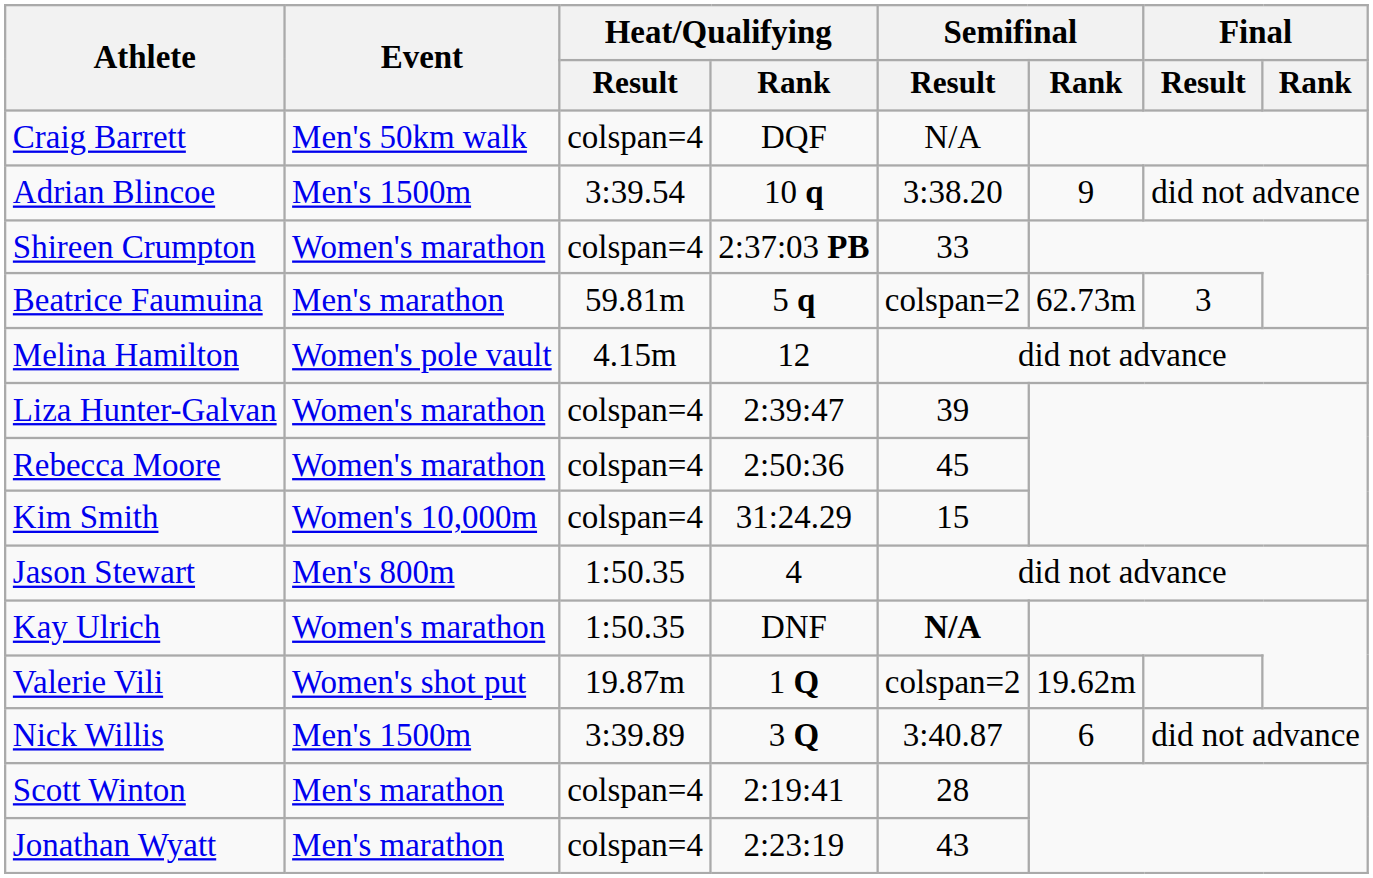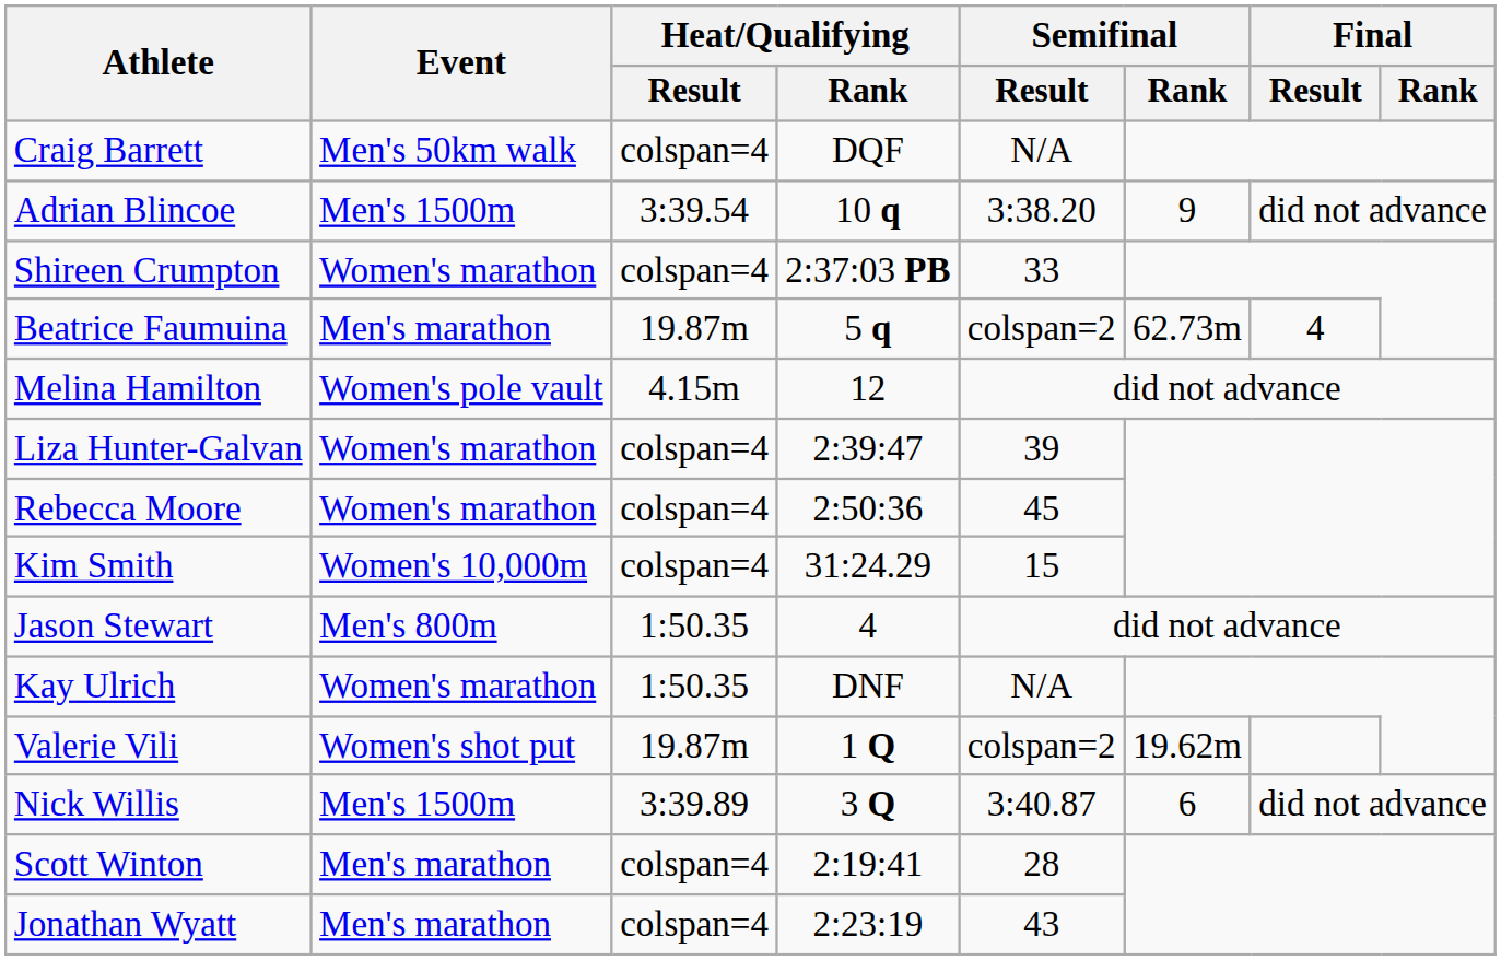 <table class=wikitable style=font-size:90%;text-align:center>
 <tr>
 <th rowspan=2>Athlete</th>
 <th rowspan=2>Event</th>
 <th colspan=2>Heat/Qualifying</th>
 <th colspan=2>Semifinal</th>
 <th colspan=2>Final</th>
 </tr>
 <tr style=font-size:95%>
 <th>Result</th>
 <th>Rank</th>
 <th>Result</th>
 <th>Rank</th>
 <th>Result</th>
 <th>Rank</th>
 </tr>
 <tr>
 <td align=left><a href='#'>Craig Barrett</a></td>
 <td align=left><a href='#'>Men's 50km walk</a></td>
 <td>colspan=4 </td>
 <td>DQF</td>
 <td>N/A</td>
 </tr>
 <tr>
 <td align=left><a href='#'>Adrian Blincoe</a></td>
 <td align=left><a href='#'>Men's 1500m</a></td>
 <td>3:39.54</td>
 <td>10 <strong>q</strong></td>
 <td>3:38.20</td>
 <td>9</td>
 <td colspan=2>did not advance</td>
 </tr>
 <tr>
 <td align=left><a href='#'>Shireen Crumpton</a></td>
 <td align=left><a href='#'>Women's marathon</a></td>
 <td>colspan=4 </td>
 <td>2:37:03 <strong>PB</strong></td>
 <td>33</td>
 </tr>
 <tr>
 <td align=left><a href='#'>Beatrice Faumuina</a></td>
 <td align=left><a href='#'>Men's marathon</a></td>
-<td>59.81m</td>
+<td>19.87m</td>
 <td>5 <strong>q</strong></td>
 <td>colspan=2 </td>
 <td>62.73m</td>
-<td>3</td>
+<td>4</td>
 </tr>
 <tr>
 <td align=left><a href='#'>Melina Hamilton</a></td>
 <td align=left><a href='#'>Women's pole vault</a></td>
 <td>4.15m</td>
 <td>12</td>
 <td colspan=4>did not advance</td>
 </tr>
 <tr>
 <td align=left><a href='#'>Liza Hunter-Galvan</a></td>
 <td align=left><a href='#'>Women's marathon</a></td>
 <td>colspan=4 </td>
 <td>2:39:47</td>
 <td>39</td>
 </tr>
 <tr>
 <td align=left><a href='#'>Rebecca Moore</a></td>
 <td align=left><a href='#'>Women's marathon</a></td>
 <td>colspan=4 </td>
 <td>2:50:36</td>
 <td>45</td>
 </tr>
 <tr>
 <td align=left><a href='#'>Kim Smith</a></td>
 <td align=left><a href='#'>Women's 10,000m</a></td>
 <td>colspan=4 </td>
 <td>31:24.29</td>
 <td>15</td>
 </tr>
 <tr>
 <td align=left><a href='#'>Jason Stewart</a></td>
 <td align=left><a href='#'>Men's 800m</a></td>
 <td>1:50.35</td>
 <td>4</td>
 <td colspan=4>did not advance</td>
 </tr>
 <tr>
 <td align=left><a href='#'>Kay Ulrich</a></td>
 <td align=left><a href='#'>Women's marathon</a></td>
 <td>1:50.35</td>
 <td>DNF</td>
-<td><strong>N/A</strong></td>
+<td>N/A</td>
 </tr>
 <tr>
 <td align=left><a href='#'>Valerie Vili</a></td>
 <td align=left><a href='#'>Women's shot put</a></td>
 <td>19.87m</td>
 <td>1 <strong>Q</strong></td>
 <td>colspan=2 </td>
 <td>19.62m</td>
 <td></td>
 </tr>
 <tr>
 <td align=left><a href='#'>Nick Willis</a></td>
 <td align=left><a href='#'>Men's 1500m</a></td>
 <td>3:39.89</td>
 <td>3 <strong>Q</strong></td>
 <td>3:40.87</td>
 <td>6</td>
 <td colspan=2>did not advance</td>
 </tr>
 <tr>
 <td align=left><a href='#'>Scott Winton</a></td>
 <td align=left><a href='#'>Men's marathon</a></td>
 <td>colspan=4 </td>
 <td>2:19:41</td>
 <td>28</td>
 </tr>
 <tr>
 <td align=left><a href='#'>Jonathan Wyatt</a></td>
 <td align=left><a href='#'>Men's marathon</a></td>
 <td>colspan=4 </td>
 <td>2:23:19</td>
 <td>43</td>
 </tr>
 </table>
